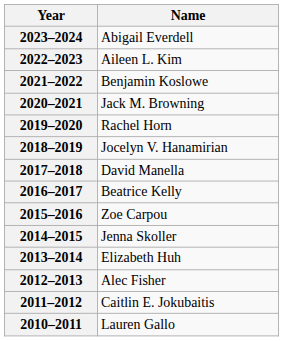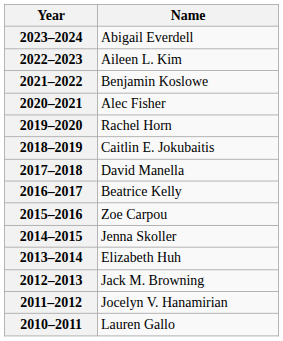 <table class="wikitable sortable">
 <tr>
 <th scope="col" style="width: 100px;">Year</th>
 <th scope="col" class="unsortable" style="width: 200px;">Name</th>
 </tr>
 <tr>
 <th>2023–2024</th>
 <td>Abigail Everdell</td>
 </tr>
 <tr>
 <th>2022–2023</th>
 <td>Aileen L. Kim</td>
 </tr>
 <tr>
 <th>2021–2022</th>
 <td>Benjamin Koslowe</td>
 </tr>
 <tr>
 <th>2020–2021</th>
-<td>Jack M. Browning</td>
+<td>Alec Fisher</td>
 </tr>
 <tr>
 <th>2019–2020</th>
 <td>Rachel Horn</td>
 </tr>
 <tr>
 <th>2018–2019</th>
-<td>Jocelyn V. Hanamirian</td>
+<td>Caitlin E. Jokubaitis</td>
 </tr>
 <tr>
 <th scope="row">2017–2018</th>
 <td>David Manella</td>
 </tr>
 <tr>
 <th scope="row">2016–2017</th>
 <td>Beatrice Kelly</td>
 </tr>
 <tr>
 <th scope="row">2015–2016</th>
 <td>Zoe Carpou</td>
 </tr>
 <tr>
 <th scope="row">2014–2015</th>
 <td>Jenna Skoller</td>
 </tr>
 <tr>
 <th scope="row">2013–2014</th>
 <td>Elizabeth Huh</td>
 </tr>
 <tr>
 <th scope="row">2012–2013</th>
-<td>Alec Fisher</td>
+<td>Jack M. Browning</td>
 </tr>
 <tr>
 <th scope="row">2011–2012</th>
-<td>Caitlin E. Jokubaitis</td>
+<td>Jocelyn V. Hanamirian</td>
 </tr>
 <tr>
 <th scope="row">2010–2011</th>
 <td>Lauren Gallo</td>
 </tr>
 </table>
